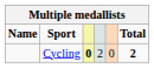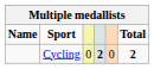 <table class="wikitable" style="font-size:85%">
 <tr style="background:#efefef;">
 <th colspan=7>Multiple medallists</th>
 </tr>
 <tr align=center>
 <td><strong>Name</strong></td>
 <td><strong>Sport</strong></td>
 <td bgcolor=#F7F6A8></td>
 <td bgcolor=#DCE5E5></td>
 <td bgcolor=#FFDAB9></td>
 <td><strong>Total</strong></td>
 </tr>
 <tr align=center>
 <td align=left></td>
 <td><a href='#'>Cycling</a></td>
-<td style="background:#F7F6A8;"><strong>0</strong></td>
-<td style="background:#DCE5E5;">2</td>
+<td style="background:#F7F6A8;">0</td>
+<td style="background:#DCE5E5;"><strong>2</strong></td>
 <td style="background:#FFDAB9;">0</td>
 <td><strong>2</strong></td>
 </tr>
 </table>
